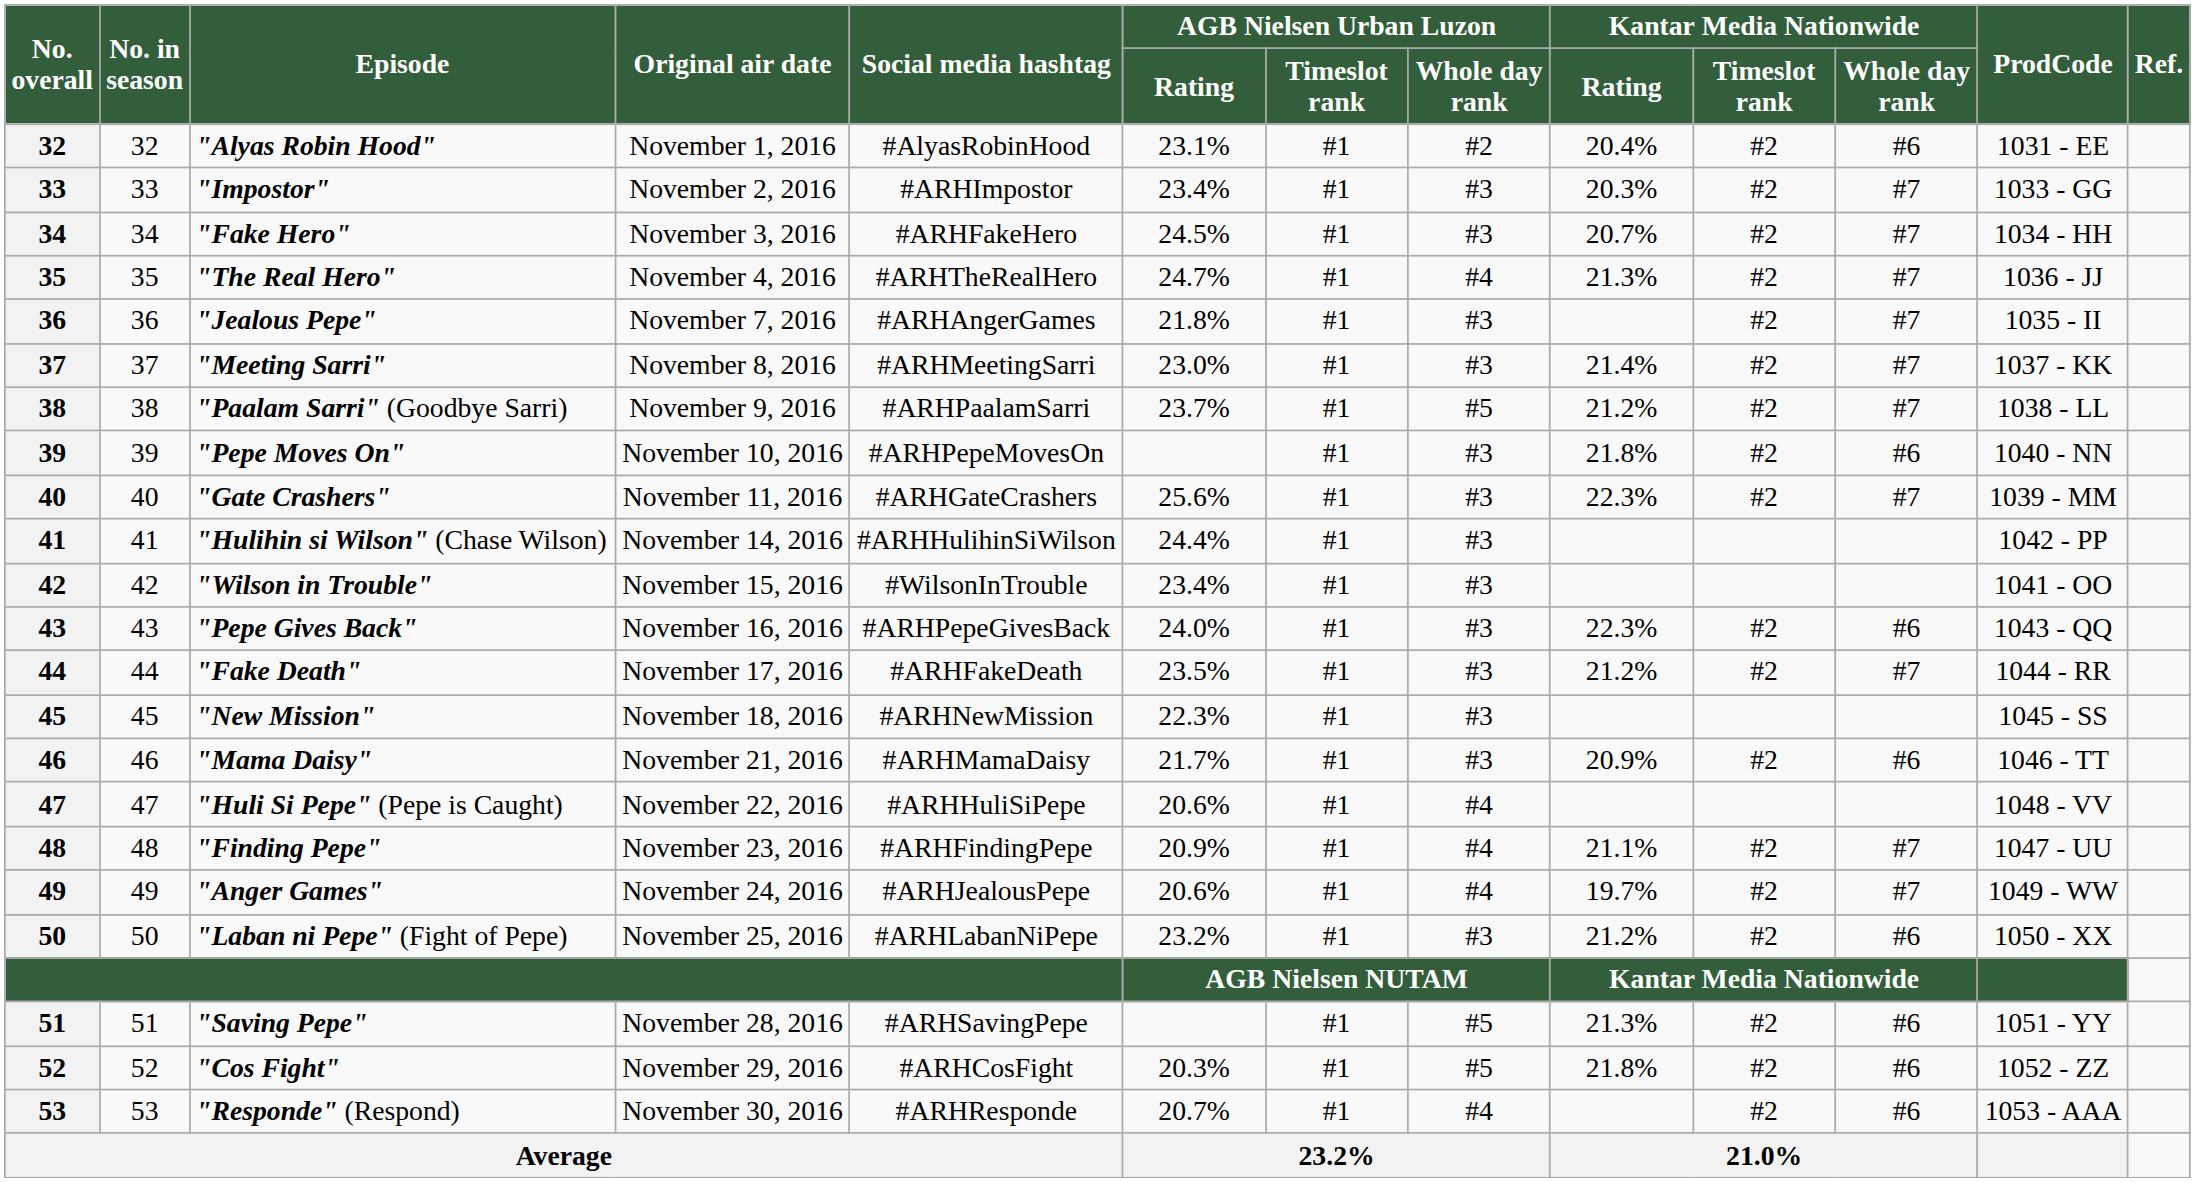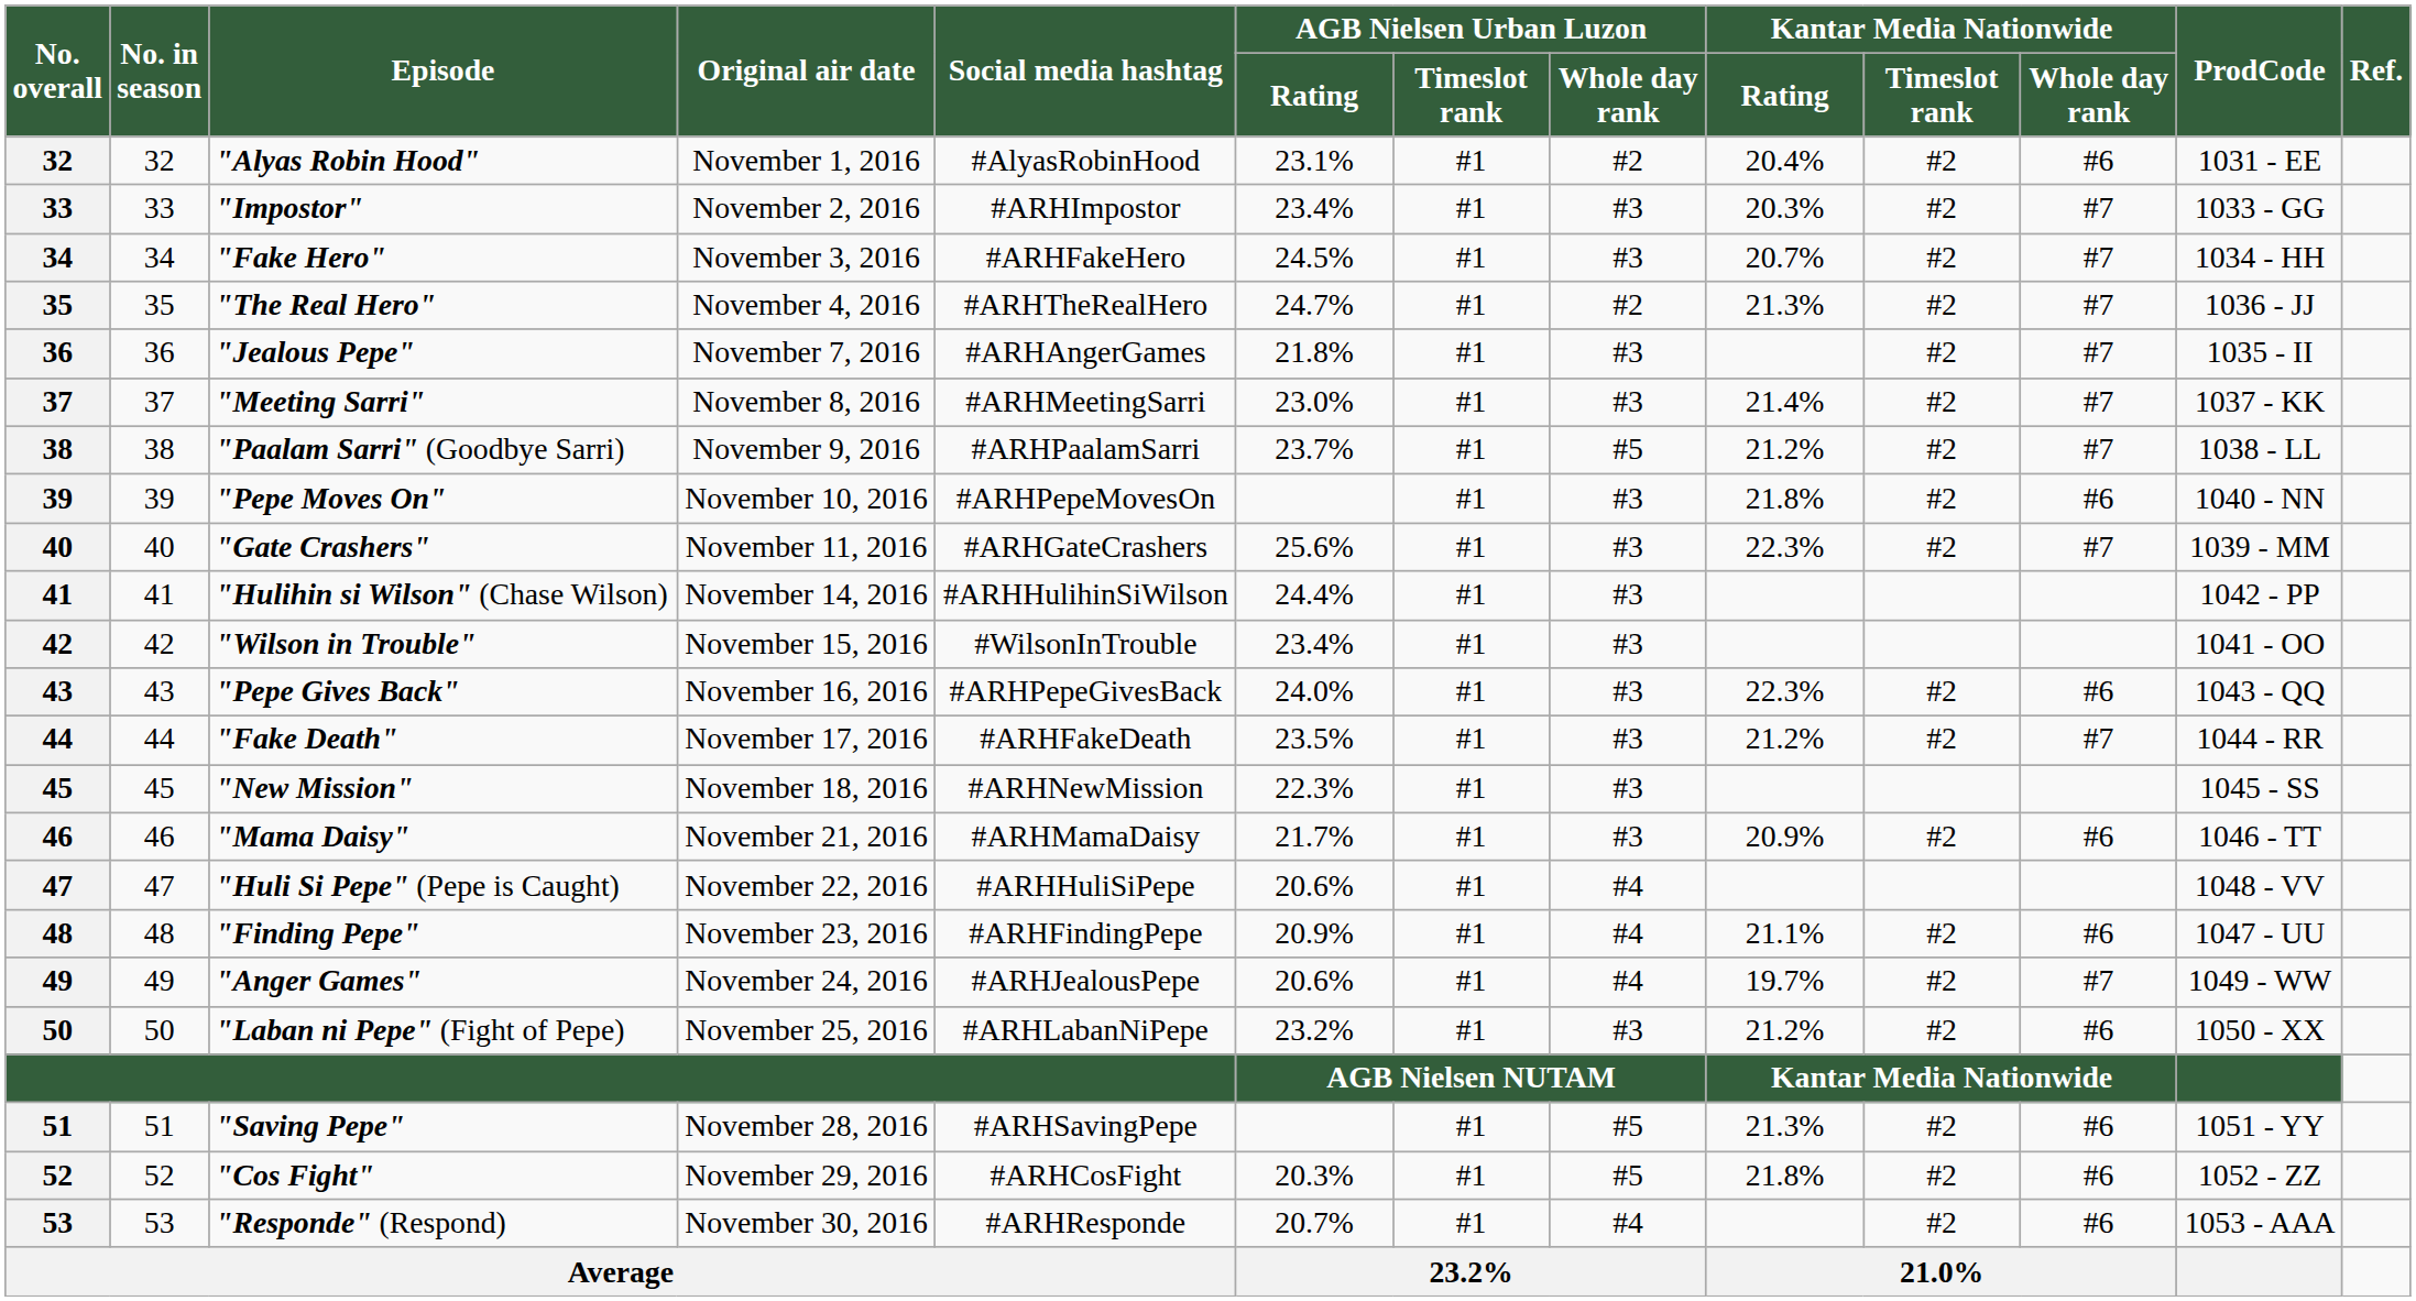 <table class="wikitable" style="text-align:center; font-size:100%; line-height:18px;"  width="100%">
 <tr>
 <th style="background-color:#335E3B; color:#ffffff;" rowspan="2">No.<br>overall</th>
 <th style="background-color:#335E3B; color:#ffffff;" rowspan="2">No. in<br>season</th>
 <th style="background-color:#335E3B; color:#ffffff;" rowspan="2">Episode</th>
 <th style="background:#335E3B; color:white" rowspan="2">Original air date</th>
 <th style="background:#335E3B; color:white" rowspan="2">Social media hashtag</th>
 <th style="background-color:#335E3B; color:#ffffff;" colspan="3">AGB Nielsen Urban Luzon</th>
 <th style="background-color:#335E3B; color:#ffffff;" colspan="3">Kantar Media Nationwide</th>
 <th style="background-color:#335E3B; color:#ffffff;" rowspan="2">ProdCode</th>
 <th style="background-color:#335E3B; color:#ffffff;" rowspan="2">Ref.</th>
 </tr>
 <tr>
 <th style="background-color:#335E3B; width:75px; color:#ffffff;">Rating</th>
 <th style="background-color:#335E3B; width:75px; color:#ffffff;">Timeslot<br>rank</th>
 <th style="background-color:#335E3B; width:75px; color:#ffffff;">Whole day<br>rank</th>
 <th style="background-color:#335E3B; width:75px; color:#ffffff;">Rating</th>
 <th style="background-color:#335E3B; width:75px; color:#ffffff;">Timeslot<br>rank</th>
 <th style="background-color:#335E3B; width:75px; color:#ffffff;">Whole day<br>rank</th>
 </tr>
 <tr>
 <th>32</th>
 <td>32</td>
 <td style="text-align: left;"><strong><em>"Alyas Robin Hood"</em></strong></td>
 <td>November 1, 2016</td>
 <td>#AlyasRobinHood</td>
 <td>23.1%</td>
 <td>#1</td>
 <td>#2</td>
 <td>20.4%</td>
 <td>#2</td>
 <td>#6</td>
 <td>1031 - EE</td>
 <td></td>
 </tr>
 <tr>
 <th>33</th>
 <td>33</td>
 <td style="text-align: left;"><strong><em>"Impostor"</em></strong></td>
 <td>November 2, 2016</td>
 <td>#ARHImpostor</td>
 <td>23.4%</td>
 <td>#1</td>
 <td>#3</td>
 <td>20.3%</td>
 <td>#2</td>
 <td>#7</td>
 <td>1033 - GG</td>
 <td></td>
 </tr>
 <tr>
 <th>34</th>
 <td>34</td>
 <td style="text-align: left;"><strong><em>"Fake Hero"</em></strong></td>
 <td>November 3, 2016</td>
 <td>#ARHFakeHero</td>
 <td>24.5%</td>
 <td>#1</td>
 <td>#3</td>
 <td>20.7%</td>
 <td>#2</td>
 <td>#7</td>
 <td>1034 - HH</td>
 <td></td>
 </tr>
 <tr>
 <th>35</th>
 <td>35</td>
 <td style="text-align: left;"><strong><em>"The Real Hero"</em></strong></td>
 <td>November 4, 2016</td>
 <td>#ARHTheRealHero</td>
 <td>24.7%</td>
 <td>#1</td>
-<td>#4</td>
+<td>#2</td>
 <td>21.3%</td>
 <td>#2</td>
 <td>#7</td>
 <td>1036 - JJ</td>
 <td></td>
 </tr>
 <tr>
 <th>36</th>
 <td>36</td>
 <td style="text-align: left;"><strong><em>"Jealous Pepe"</em></strong></td>
 <td>November 7, 2016</td>
 <td>#ARHAngerGames</td>
 <td>21.8%</td>
 <td>#1</td>
 <td>#3</td>
 <td></td>
 <td>#2</td>
 <td>#7</td>
 <td>1035 - II</td>
 <td></td>
 </tr>
 <tr>
 <th>37</th>
 <td>37</td>
 <td style="text-align: left;"><strong><em>"Meeting Sarri"</em></strong></td>
 <td>November 8, 2016</td>
 <td>#ARHMeetingSarri</td>
 <td>23.0%</td>
 <td>#1</td>
 <td>#3</td>
 <td>21.4%</td>
 <td>#2</td>
 <td>#7</td>
 <td>1037 - KK</td>
 <td></td>
 </tr>
 <tr>
 <th>38</th>
 <td>38</td>
 <td style="text-align: left;"><strong><em>"Paalam Sarri"</em></strong> (Goodbye Sarri)</td>
 <td>November 9, 2016</td>
 <td>#ARHPaalamSarri</td>
 <td>23.7%</td>
 <td>#1</td>
 <td>#5</td>
 <td>21.2%</td>
 <td>#2</td>
 <td>#7</td>
 <td>1038 - LL</td>
 <td></td>
 </tr>
 <tr>
 <th>39</th>
 <td>39</td>
 <td style="text-align: left;"><strong><em>"Pepe Moves On"</em></strong></td>
 <td>November 10, 2016</td>
 <td>#ARHPepeMovesOn</td>
 <td></td>
 <td>#1</td>
 <td>#3</td>
 <td>21.8%</td>
 <td>#2</td>
 <td>#6</td>
 <td>1040 - NN</td>
 <td></td>
 </tr>
 <tr>
 <th>40</th>
 <td>40</td>
 <td style="text-align: left;"><strong><em>"Gate Crashers"</em></strong></td>
 <td>November 11, 2016</td>
 <td>#ARHGateCrashers</td>
 <td>25.6%</td>
 <td>#1</td>
 <td>#3</td>
 <td>22.3%</td>
 <td>#2</td>
 <td>#7</td>
 <td>1039 - MM</td>
 <td></td>
 </tr>
 <tr>
 <th>41</th>
 <td>41</td>
 <td style="text-align: left;"><strong><em>"Hulihin si Wilson"</em></strong> (Chase Wilson)</td>
 <td>November 14, 2016</td>
 <td>#ARHHulihinSiWilson</td>
 <td>24.4%</td>
 <td>#1</td>
 <td>#3</td>
 <td></td>
 <td></td>
 <td></td>
 <td>1042 - PP</td>
 <td></td>
 </tr>
 <tr>
 <th>42</th>
 <td>42</td>
 <td style="text-align: left;"><strong><em>"Wilson in Trouble"</em></strong></td>
 <td>November 15, 2016</td>
 <td>#WilsonInTrouble</td>
 <td>23.4%</td>
 <td>#1</td>
 <td>#3</td>
 <td></td>
 <td></td>
 <td></td>
 <td>1041 - OO</td>
 <td></td>
 </tr>
 <tr>
 <th>43</th>
 <td>43</td>
 <td style="text-align: left;"><strong><em>"Pepe Gives Back"</em></strong></td>
 <td>November 16, 2016</td>
 <td>#ARHPepeGivesBack</td>
 <td>24.0%</td>
 <td>#1</td>
 <td>#3</td>
 <td>22.3%</td>
 <td>#2</td>
 <td>#6</td>
 <td>1043 - QQ</td>
 <td></td>
 </tr>
 <tr>
 <th>44</th>
 <td>44</td>
 <td style="text-align: left;"><strong><em>"Fake Death"</em></strong></td>
 <td>November 17, 2016</td>
 <td>#ARHFakeDeath</td>
 <td>23.5%</td>
 <td>#1</td>
 <td>#3</td>
 <td>21.2%</td>
 <td>#2</td>
 <td>#7</td>
 <td>1044 - RR</td>
 <td></td>
 </tr>
 <tr>
 <th>45</th>
 <td>45</td>
 <td style="text-align: left;"><strong><em>"New Mission"</em></strong></td>
 <td>November 18, 2016</td>
 <td>#ARHNewMission</td>
 <td>22.3%</td>
 <td>#1</td>
 <td>#3</td>
 <td></td>
 <td></td>
 <td></td>
 <td>1045 - SS</td>
 <td></td>
 </tr>
 <tr>
 <th>46</th>
 <td>46</td>
 <td style="text-align: left;"><strong><em>"Mama Daisy"</em></strong></td>
 <td>November 21, 2016</td>
 <td>#ARHMamaDaisy</td>
 <td>21.7%</td>
 <td>#1</td>
 <td>#3</td>
 <td>20.9%</td>
 <td>#2</td>
 <td>#6</td>
 <td>1046 - TT</td>
 <td></td>
 </tr>
 <tr>
 <th>47</th>
 <td>47</td>
 <td style="text-align: left;"><strong><em>"Huli Si Pepe"</em></strong> (Pepe is Caught)</td>
 <td>November 22, 2016</td>
 <td>#ARHHuliSiPepe</td>
 <td>20.6%</td>
 <td>#1</td>
 <td>#4</td>
 <td></td>
 <td></td>
 <td></td>
 <td>1048 - VV</td>
 <td></td>
 </tr>
 <tr>
 <th>48</th>
 <td>48</td>
 <td style="text-align: left;"><strong><em>"Finding Pepe"</em></strong></td>
 <td>November 23, 2016</td>
 <td>#ARHFindingPepe</td>
 <td>20.9%</td>
 <td>#1</td>
 <td>#4</td>
 <td>21.1%</td>
 <td>#2</td>
-<td>#7</td>
+<td>#6</td>
 <td>1047 - UU</td>
 <td></td>
 </tr>
 <tr>
 <th>49</th>
 <td>49</td>
 <td style="text-align: left;"><strong><em>"Anger Games"</em></strong></td>
 <td>November 24, 2016</td>
 <td>#ARHJealousPepe</td>
 <td>20.6%</td>
 <td>#1</td>
 <td>#4</td>
 <td>19.7%</td>
 <td>#2</td>
 <td>#7</td>
 <td>1049 - WW</td>
 <td></td>
 </tr>
 <tr>
 <th>50</th>
 <td>50</td>
 <td style="text-align: left;"><strong><em>"Laban ni Pepe"</em></strong> (Fight of Pepe)</td>
 <td>November 25, 2016</td>
 <td>#ARHLabanNiPepe</td>
 <td>23.2%</td>
 <td>#1</td>
 <td>#3</td>
 <td>21.2%</td>
 <td>#2</td>
 <td>#6</td>
 <td>1050 - XX</td>
 <td></td>
 </tr>
 <tr>
 <th colspan="5" style="background-color:#335E3B; width:75px; color:#ffffff;"></th>
 <th colspan="3" style="background-color:#335E3B; width:75px; color:#ffffff;">AGB Nielsen NUTAM</th>
 <th colspan="3" style="background-color:#335E3B; width:75px; color:#ffffff;">Kantar Media Nationwide</th>
 <th style="background-color:#335E3B; color:#ffffff;"></th>
 </tr>
 <tr>
 <th>51</th>
 <td>51</td>
 <td style="text-align: left;"><strong><em>"Saving Pepe"</em></strong></td>
 <td>November 28, 2016</td>
 <td>#ARHSavingPepe</td>
 <td></td>
 <td>#1</td>
 <td>#5</td>
 <td>21.3%</td>
 <td>#2</td>
 <td>#6</td>
 <td>1051 - YY</td>
 <td></td>
 </tr>
 <tr>
 <th>52</th>
 <td>52</td>
 <td style="text-align: left;"><strong><em>"Cos Fight"</em></strong></td>
 <td>November 29, 2016</td>
 <td>#ARHCosFight</td>
 <td>20.3%</td>
 <td>#1</td>
 <td>#5</td>
 <td>21.8%</td>
 <td>#2</td>
 <td>#6</td>
 <td>1052 - ZZ</td>
 <td></td>
 </tr>
 <tr>
 <th>53</th>
 <td>53</td>
 <td style="text-align: left;"><strong><em>"Responde"</em></strong> (Respond)</td>
 <td>November 30, 2016</td>
 <td>#ARHResponde</td>
 <td>20.7%</td>
 <td>#1</td>
 <td>#4</td>
 <td></td>
 <td>#2</td>
 <td>#6</td>
 <td>1053 - AAA</td>
 <td></td>
 </tr>
 <tr>
 <th colspan="5">Average</th>
 <th colspan="3">23.2%</th>
 <th colspan="3">21.0%</th>
 <th></th>
 </tr>
 </table>
